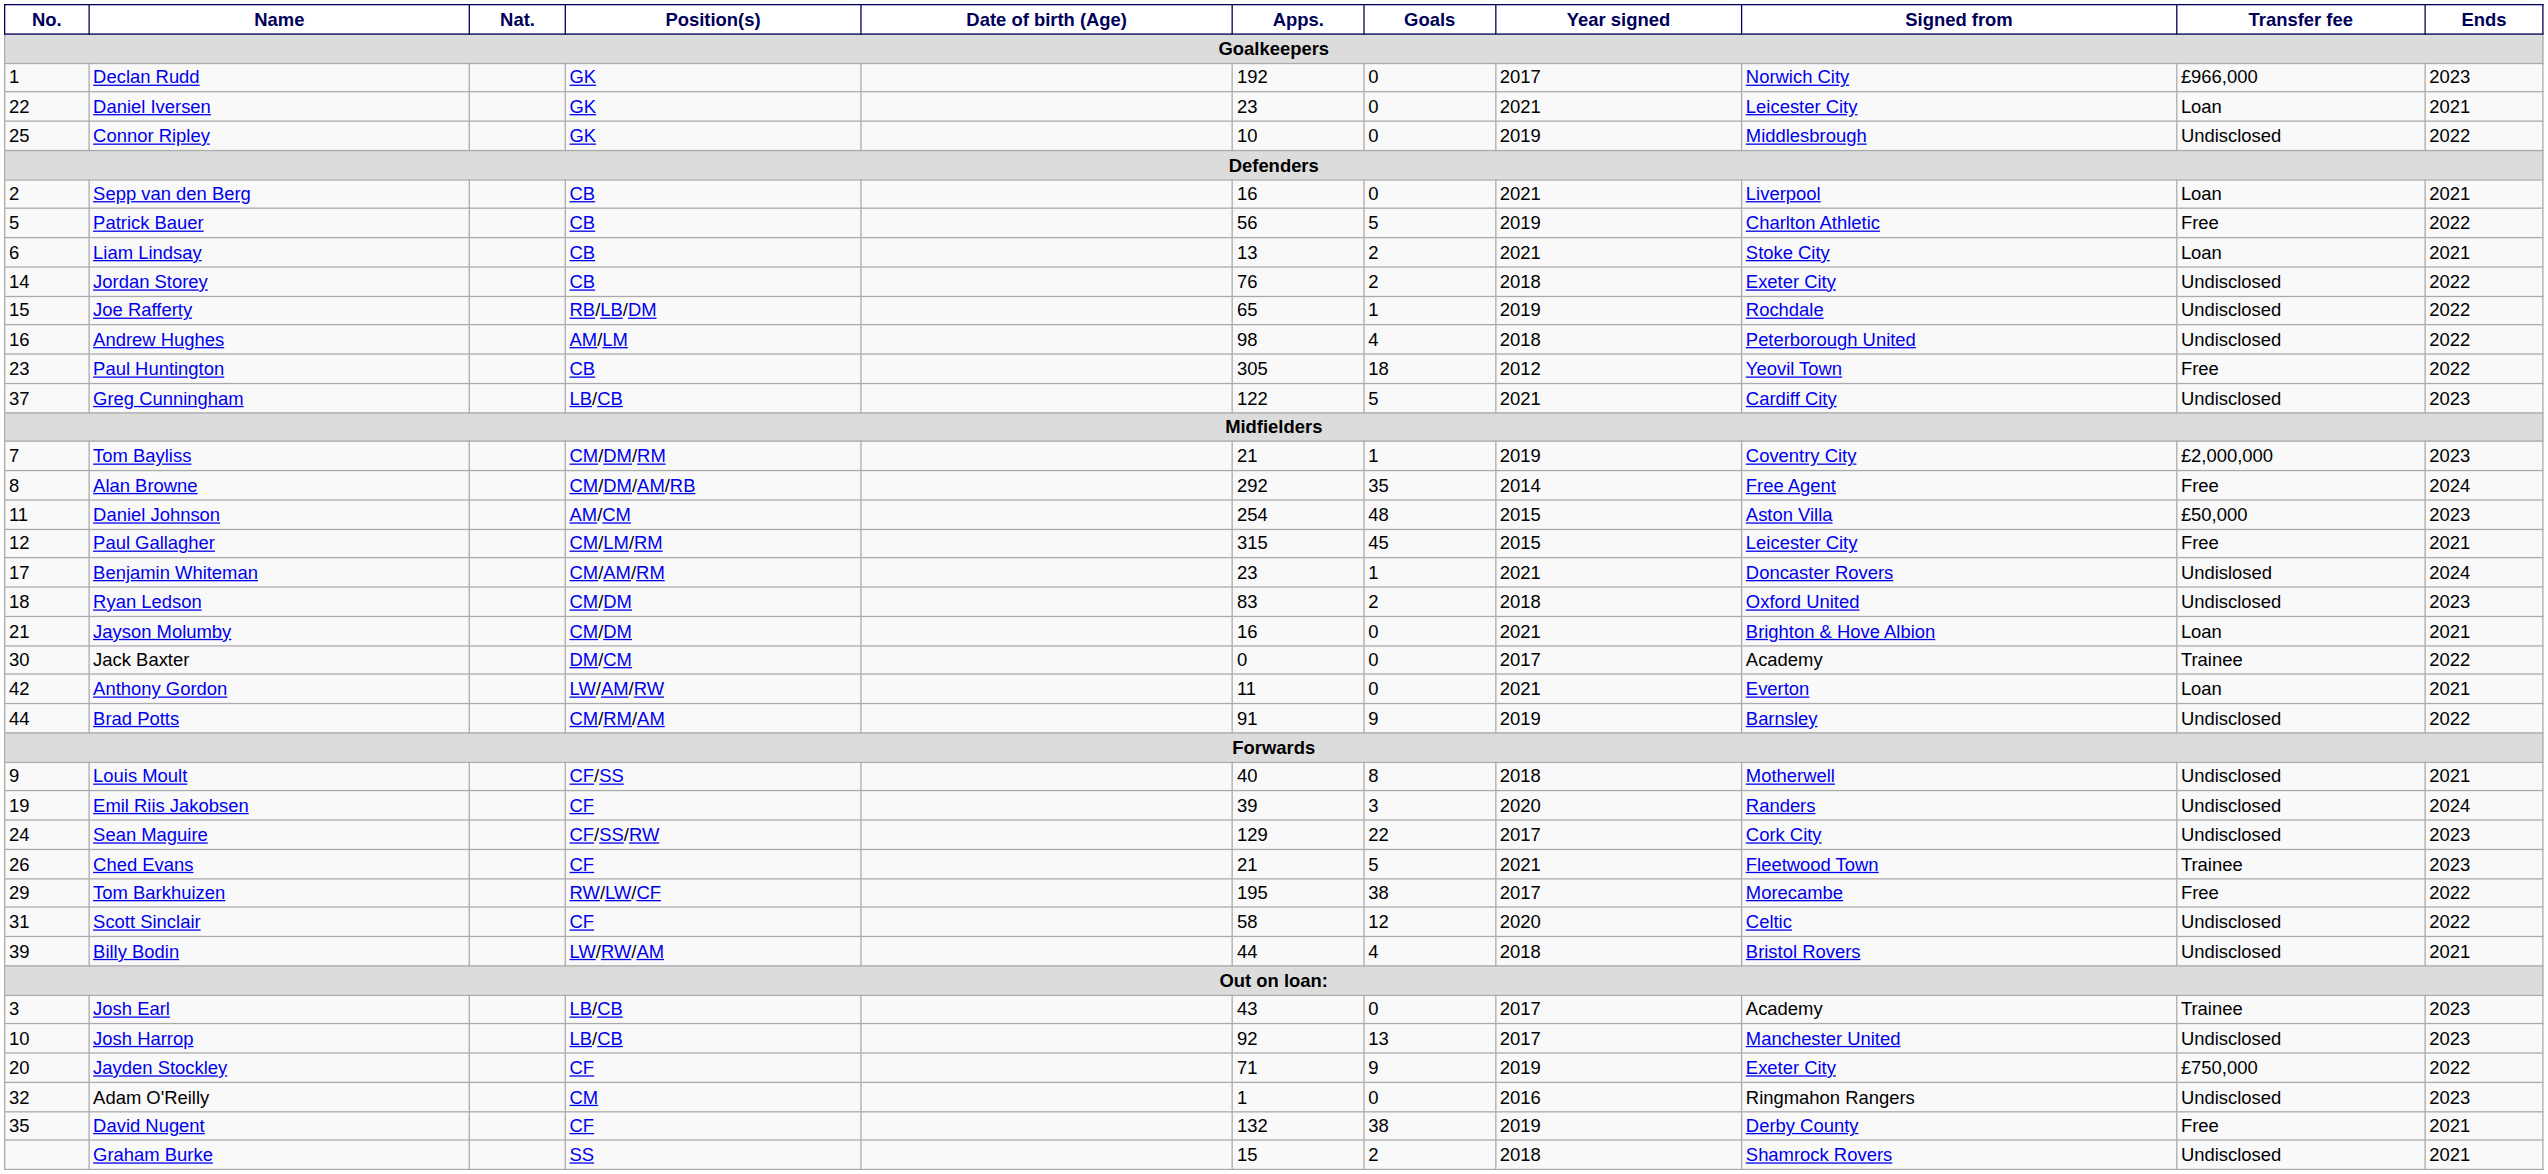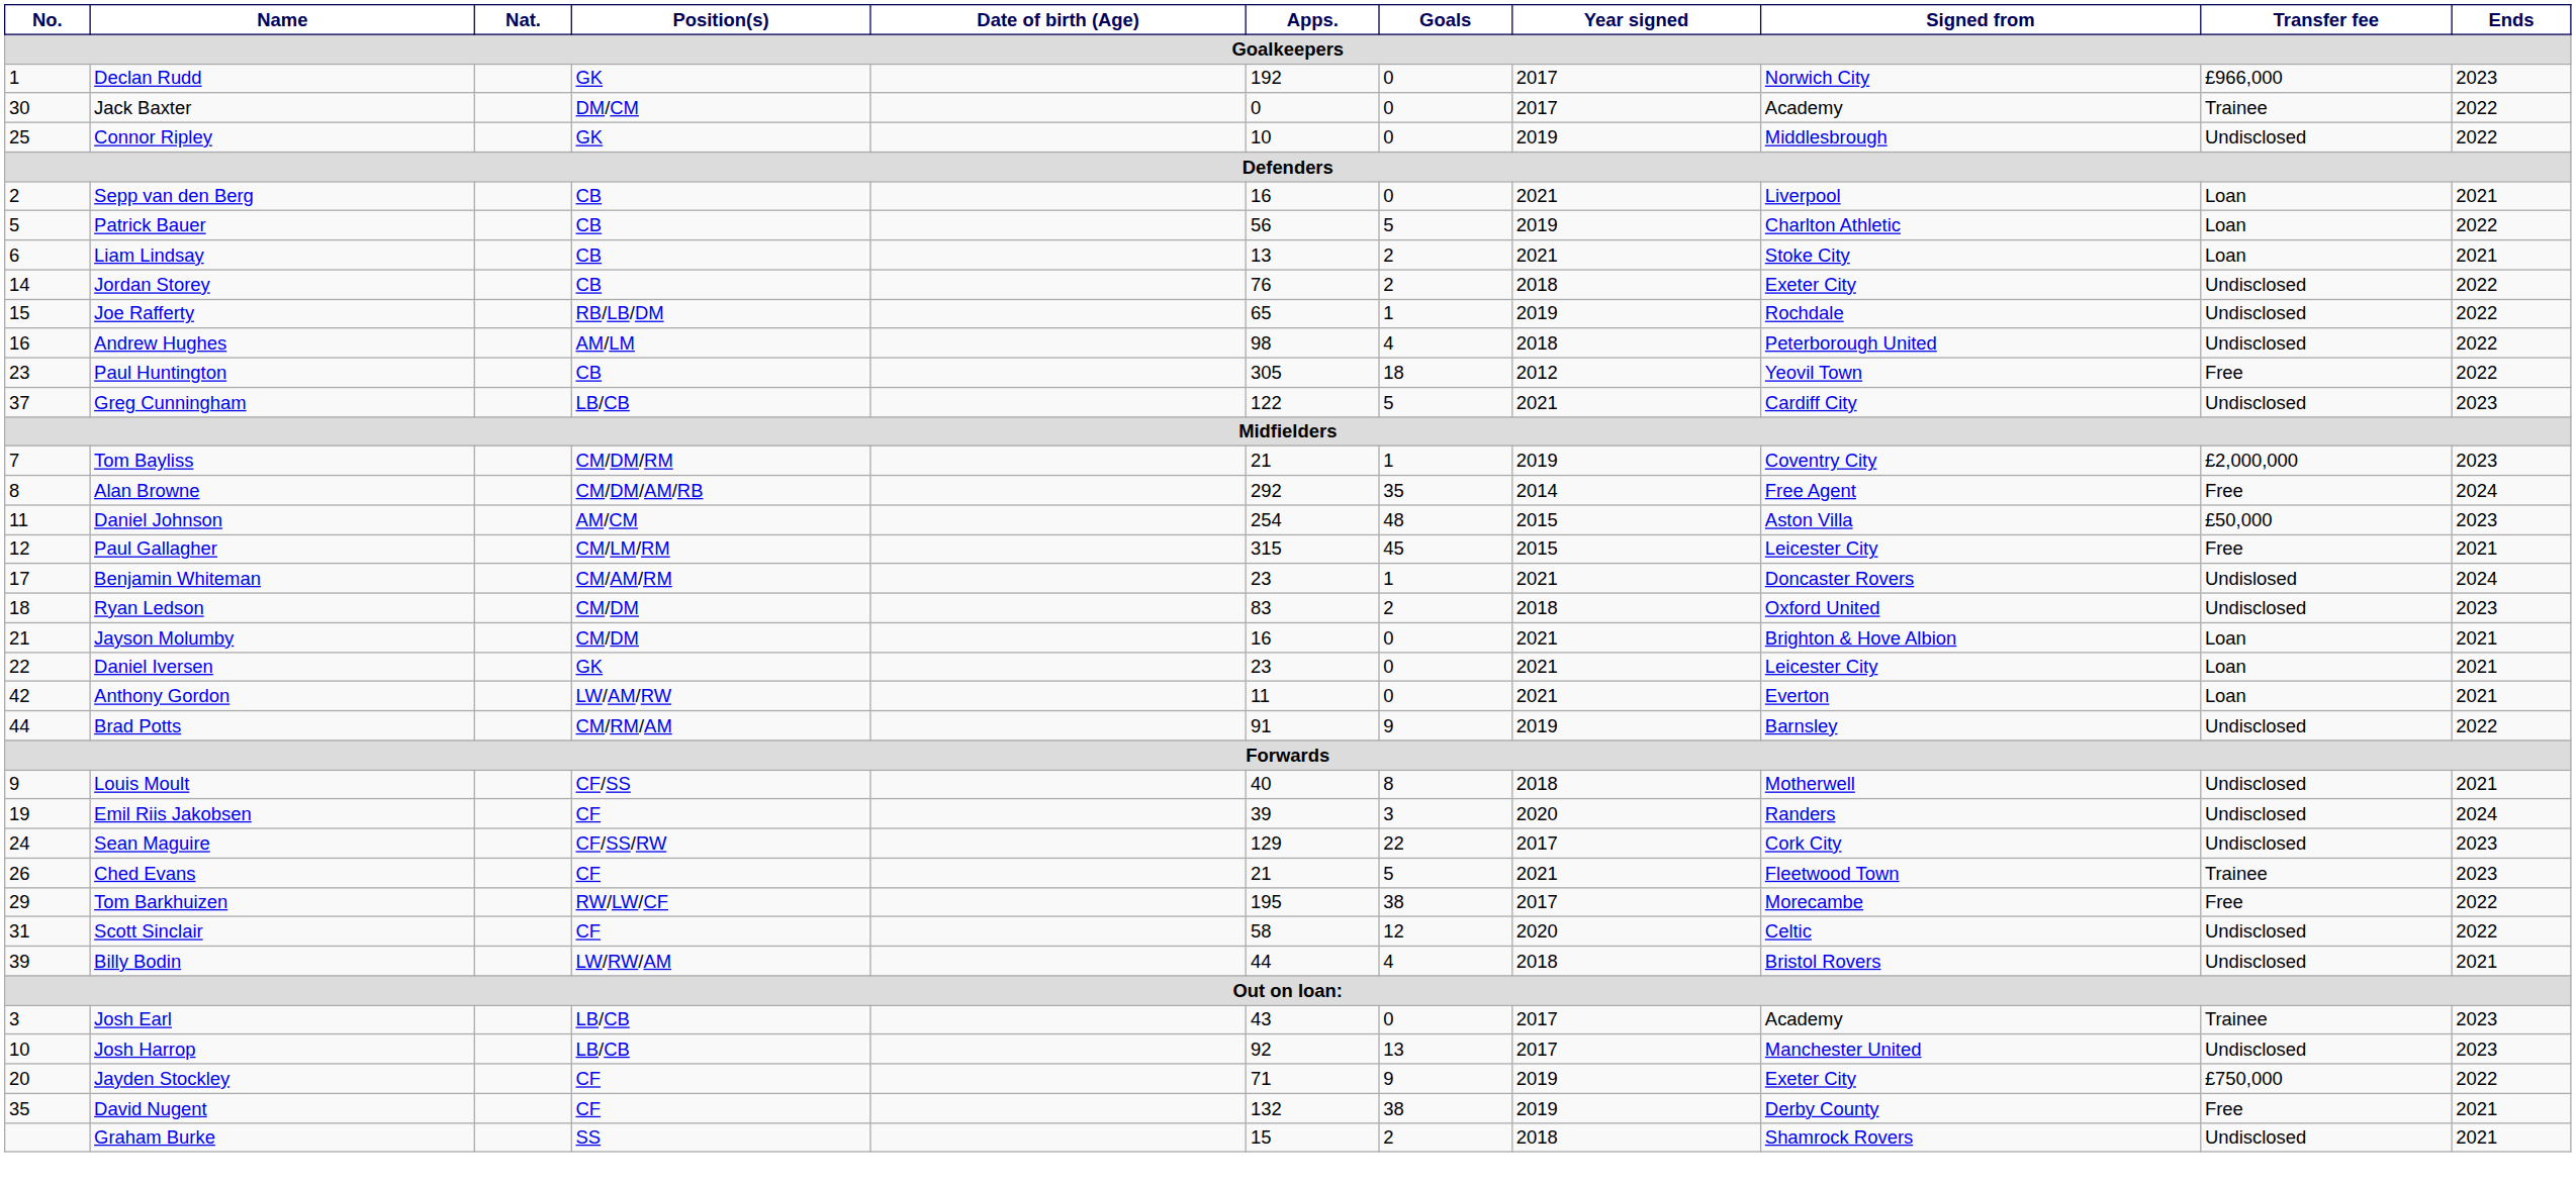 <table class="wikitable" style="font-size:90%;width:100%">
 <tr>
 <th style="background:#ffffff;color:#00005a;border:1px solid #000056">No.</th>
 <th style="background:#ffffff;color:#00005a;border:1px solid #000056">Name</th>
 <th style="background:#ffffff;color:#00005a;border:1px solid #000056">Nat.</th>
 <th style="background:#ffffff;color:#00005a;border:1px solid #000056">Position(s)</th>
 <th style="background:#ffffff;color:#00005a;border:1px solid #000056">Date of birth (Age)</th>
 <th style="background:#ffffff;color:#00005a;border:1px solid #000056">Apps.</th>
 <th style="background:#ffffff;color:#00005a;border:1px solid #000056">Goals</th>
 <th style="background:#ffffff;color:#00005a;border:1px solid #000056">Year signed</th>
 <th style="background:#ffffff;color:#00005a;border:1px solid #000056">Signed from</th>
 <th style="background:#ffffff;color:#00005a;border:1px solid #000056">Transfer fee</th>
 <th style="background:#ffffff;color:#00005a;border:1px solid #000056">Ends</th>
 </tr>
 <tr>
 <th colspan=11 style="background:#dcdcdc">Goalkeepers</th>
 </tr>
 <tr>
 <td>1</td>
 <td><a href='#'>Declan Rudd</a></td>
 <td></td>
 <td><a href='#'>GK</a></td>
 <td></td>
 <td>192</td>
 <td>0</td>
 <td>2017</td>
 <td> <a href='#'>Norwich City</a></td>
 <td>£966,000</td>
 <td>2023</td>
 </tr>
 <tr>
-<td>22</td>
-<td><a href='#'>Daniel Iversen</a></td>
+<td>30</td>
+<td>Jack Baxter</td>
 <td></td>
-<td><a href='#'>GK</a></td>
+<td><a href='#'>DM</a>/<a href='#'>CM</a></td>
 <td></td>
-<td>23</td>
 <td>0</td>
-<td>2021</td>
-<td> <a href='#'>Leicester City</a></td>
-<td>Loan</td>
-<td>2021</td>
+<td>0</td>
+<td>2017</td>
+<td>Academy</td>
+<td>Trainee</td>
+<td>2022</td>
 </tr>
 <tr>
 <td>25</td>
 <td><a href='#'>Connor Ripley</a></td>
 <td></td>
 <td><a href='#'>GK</a></td>
 <td></td>
 <td>10</td>
 <td>0</td>
 <td>2019</td>
 <td> <a href='#'>Middlesbrough</a></td>
 <td>Undisclosed</td>
 <td>2022</td>
 </tr>
 <tr>
 <th colspan=11 style="background:#dcdcdc">Defenders</th>
 </tr>
 <tr>
 <td>2</td>
 <td><a href='#'>Sepp van den Berg</a></td>
 <td></td>
 <td><a href='#'>CB</a></td>
 <td></td>
 <td>16</td>
 <td>0</td>
 <td>2021</td>
 <td> <a href='#'>Liverpool</a></td>
 <td>Loan</td>
 <td>2021</td>
 </tr>
 <tr>
 <td>5</td>
 <td><a href='#'>Patrick Bauer</a></td>
 <td></td>
 <td><a href='#'>CB</a></td>
 <td></td>
 <td>56</td>
 <td>5</td>
 <td>2019</td>
 <td> <a href='#'>Charlton Athletic</a></td>
-<td>Free</td>
+<td>Loan</td>
 <td>2022</td>
 </tr>
 <tr>
 <td>6</td>
 <td><a href='#'>Liam Lindsay</a></td>
 <td></td>
 <td><a href='#'>CB</a></td>
 <td></td>
 <td>13</td>
 <td>2</td>
 <td>2021</td>
 <td> <a href='#'>Stoke City</a></td>
 <td>Loan</td>
 <td>2021</td>
 </tr>
 <tr>
 <td>14</td>
 <td><a href='#'>Jordan Storey</a></td>
 <td></td>
 <td><a href='#'>CB</a></td>
 <td></td>
 <td>76</td>
 <td>2</td>
 <td>2018</td>
 <td> <a href='#'>Exeter City</a></td>
 <td>Undisclosed</td>
 <td>2022</td>
 </tr>
 <tr>
 <td>15</td>
 <td><a href='#'>Joe Rafferty</a></td>
 <td></td>
 <td><a href='#'>RB</a>/<a href='#'>LB</a>/<a href='#'>DM</a></td>
 <td></td>
 <td>65</td>
 <td>1</td>
 <td>2019</td>
 <td> <a href='#'>Rochdale</a></td>
 <td>Undisclosed</td>
 <td>2022</td>
 </tr>
 <tr>
 <td>16</td>
 <td><a href='#'>Andrew Hughes</a></td>
 <td></td>
 <td><a href='#'>AM</a>/<a href='#'>LM</a></td>
 <td></td>
 <td>98</td>
 <td>4</td>
 <td>2018</td>
 <td> <a href='#'>Peterborough United</a></td>
 <td>Undisclosed</td>
 <td>2022</td>
 </tr>
 <tr>
 <td>23</td>
 <td><a href='#'>Paul Huntington</a></td>
 <td></td>
 <td><a href='#'>CB</a></td>
 <td></td>
 <td>305</td>
 <td>18</td>
 <td>2012</td>
 <td> <a href='#'>Yeovil Town</a></td>
 <td>Free</td>
 <td>2022</td>
 </tr>
 <tr>
 <td>37</td>
 <td><a href='#'>Greg Cunningham</a></td>
 <td></td>
 <td><a href='#'>LB</a>/<a href='#'>CB</a></td>
 <td></td>
 <td>122</td>
 <td>5</td>
 <td>2021</td>
 <td> <a href='#'>Cardiff City</a></td>
 <td>Undisclosed</td>
 <td>2023</td>
 </tr>
 <tr>
 <th colspan=11 style="background:#dcdcdc">Midfielders</th>
 </tr>
 <tr>
 <td>7</td>
 <td><a href='#'>Tom Bayliss</a></td>
 <td></td>
 <td><a href='#'>CM</a>/<a href='#'>DM</a>/<a href='#'>RM</a></td>
 <td></td>
 <td>21</td>
 <td>1</td>
 <td>2019</td>
 <td> <a href='#'>Coventry City</a></td>
 <td>£2,000,000</td>
 <td>2023</td>
 </tr>
 <tr>
 <td>8</td>
 <td><a href='#'>Alan Browne</a></td>
 <td></td>
 <td><a href='#'>CM</a>/<a href='#'>DM</a>/<a href='#'>AM</a>/<a href='#'>RB</a></td>
 <td></td>
 <td>292</td>
 <td>35</td>
 <td>2014</td>
 <td><a href='#'>Free Agent</a></td>
 <td>Free</td>
 <td>2024</td>
 </tr>
 <tr>
 <td>11</td>
 <td><a href='#'>Daniel Johnson</a></td>
 <td></td>
 <td><a href='#'>AM</a>/<a href='#'>CM</a></td>
 <td></td>
 <td>254</td>
 <td>48</td>
 <td>2015</td>
 <td> <a href='#'>Aston Villa</a></td>
 <td>£50,000</td>
 <td>2023</td>
 </tr>
 <tr>
 <td>12</td>
 <td><a href='#'>Paul Gallagher</a></td>
 <td></td>
 <td><a href='#'>CM</a>/<a href='#'>LM</a>/<a href='#'>RM</a></td>
 <td></td>
 <td>315</td>
 <td>45</td>
 <td>2015</td>
 <td> <a href='#'>Leicester City</a></td>
 <td>Free</td>
 <td>2021</td>
 </tr>
 <tr>
 <td>17</td>
 <td><a href='#'>Benjamin Whiteman</a></td>
 <td></td>
 <td><a href='#'>CM</a>/<a href='#'>AM</a>/<a href='#'>RM</a></td>
 <td></td>
 <td>23</td>
 <td>1</td>
 <td>2021</td>
 <td> <a href='#'>Doncaster Rovers</a></td>
 <td>Undislosed</td>
 <td>2024</td>
 </tr>
 <tr>
 <td>18</td>
 <td><a href='#'>Ryan Ledson</a></td>
 <td></td>
 <td><a href='#'>CM</a>/<a href='#'>DM</a></td>
 <td></td>
 <td>83</td>
 <td>2</td>
 <td>2018</td>
 <td> <a href='#'>Oxford United</a></td>
 <td>Undisclosed</td>
 <td>2023</td>
 </tr>
 <tr>
 <td>21</td>
 <td><a href='#'>Jayson Molumby</a></td>
 <td></td>
 <td><a href='#'>CM</a>/<a href='#'>DM</a></td>
 <td></td>
 <td>16</td>
 <td>0</td>
 <td>2021</td>
 <td> <a href='#'>Brighton & Hove Albion</a></td>
 <td>Loan</td>
 <td>2021</td>
 </tr>
 <tr>
-<td>30</td>
-<td>Jack Baxter</td>
+<td>22</td>
+<td><a href='#'>Daniel Iversen</a></td>
 <td></td>
-<td><a href='#'>DM</a>/<a href='#'>CM</a></td>
+<td><a href='#'>GK</a></td>
 <td></td>
+<td>23</td>
 <td>0</td>
-<td>0</td>
-<td>2017</td>
-<td>Academy</td>
-<td>Trainee</td>
-<td>2022</td>
+<td>2021</td>
+<td> <a href='#'>Leicester City</a></td>
+<td>Loan</td>
+<td>2021</td>
 </tr>
 <tr>
 <td>42</td>
 <td><a href='#'>Anthony Gordon</a></td>
 <td></td>
 <td><a href='#'>LW</a>/<a href='#'>AM</a>/<a href='#'>RW</a></td>
 <td></td>
 <td>11</td>
 <td>0</td>
 <td>2021</td>
 <td> <a href='#'>Everton</a></td>
 <td>Loan</td>
 <td>2021</td>
 </tr>
 <tr>
 <td>44</td>
 <td><a href='#'>Brad Potts</a></td>
 <td></td>
 <td><a href='#'>CM</a>/<a href='#'>RM</a>/<a href='#'>AM</a></td>
 <td></td>
 <td>91</td>
 <td>9</td>
 <td>2019</td>
 <td> <a href='#'>Barnsley</a></td>
 <td>Undisclosed</td>
 <td>2022</td>
 </tr>
 <tr>
 <th colspan=11 style="background:#dcdcdc">Forwards</th>
 </tr>
 <tr>
 <td>9</td>
 <td><a href='#'>Louis Moult</a></td>
 <td></td>
 <td><a href='#'>CF</a>/<a href='#'>SS</a></td>
 <td></td>
 <td>40</td>
 <td>8</td>
 <td>2018</td>
 <td> <a href='#'>Motherwell</a></td>
 <td>Undisclosed</td>
 <td>2021</td>
 </tr>
 <tr>
 <td>19</td>
 <td><a href='#'>Emil Riis Jakobsen</a></td>
 <td></td>
 <td><a href='#'>CF</a></td>
 <td></td>
 <td>39</td>
 <td>3</td>
 <td>2020</td>
 <td> <a href='#'>Randers</a></td>
 <td>Undisclosed</td>
 <td>2024</td>
 </tr>
 <tr>
 <td>24</td>
 <td><a href='#'>Sean Maguire</a></td>
 <td></td>
 <td><a href='#'>CF</a>/<a href='#'>SS</a>/<a href='#'>RW</a></td>
 <td></td>
 <td>129</td>
 <td>22</td>
 <td>2017</td>
 <td> <a href='#'>Cork City</a></td>
 <td>Undisclosed</td>
 <td>2023</td>
 </tr>
 <tr>
 <td>26</td>
 <td><a href='#'>Ched Evans</a></td>
 <td></td>
 <td><a href='#'>CF</a></td>
 <td></td>
 <td>21</td>
 <td>5</td>
 <td>2021</td>
 <td> <a href='#'>Fleetwood Town</a></td>
 <td>Trainee</td>
 <td>2023</td>
 </tr>
 <tr>
 <td>29</td>
 <td><a href='#'>Tom Barkhuizen</a></td>
 <td></td>
 <td><a href='#'>RW</a>/<a href='#'>LW</a>/<a href='#'>CF</a></td>
 <td></td>
 <td>195</td>
 <td>38</td>
 <td>2017</td>
 <td> <a href='#'>Morecambe</a></td>
 <td>Free</td>
 <td>2022</td>
 </tr>
 <tr>
 <td>31</td>
 <td><a href='#'>Scott Sinclair</a></td>
 <td></td>
 <td><a href='#'>CF</a></td>
 <td></td>
 <td>58</td>
 <td>12</td>
 <td>2020</td>
 <td> <a href='#'>Celtic</a></td>
 <td>Undisclosed</td>
 <td>2022</td>
 </tr>
 <tr>
 <td>39</td>
 <td><a href='#'>Billy Bodin</a></td>
 <td></td>
 <td><a href='#'>LW</a>/<a href='#'>RW</a>/<a href='#'>AM</a></td>
 <td></td>
 <td>44</td>
 <td>4</td>
 <td>2018</td>
 <td> <a href='#'>Bristol Rovers</a></td>
 <td>Undisclosed</td>
 <td>2021</td>
 </tr>
 <tr>
 <th colspan=11 style="background:#dcdcdc">Out on loan:</th>
 </tr>
 <tr>
 <td>3</td>
 <td><a href='#'>Josh Earl</a></td>
 <td></td>
 <td><a href='#'>LB</a>/<a href='#'>CB</a></td>
 <td></td>
 <td>43</td>
 <td>0</td>
 <td>2017</td>
 <td>Academy</td>
 <td>Trainee</td>
 <td>2023</td>
 </tr>
 <tr>
 <td>10</td>
 <td><a href='#'>Josh Harrop</a></td>
 <td></td>
 <td><a href='#'>LB</a>/<a href='#'>CB</a></td>
 <td></td>
 <td>92</td>
 <td>13</td>
 <td>2017</td>
 <td> <a href='#'>Manchester United</a></td>
 <td>Undisclosed</td>
 <td>2023</td>
 </tr>
 <tr>
 <td>20</td>
 <td><a href='#'>Jayden Stockley</a></td>
 <td></td>
 <td><a href='#'>CF</a></td>
 <td></td>
 <td>71</td>
 <td>9</td>
 <td>2019</td>
 <td> <a href='#'>Exeter City</a></td>
 <td>£750,000</td>
 <td>2022</td>
 </tr>
 <tr>
-<td>32</td>
-<td>Adam O'Reilly</td>
-<td></td>
-<td><a href='#'>CM</a></td>
-<td></td>
-<td>1</td>
-<td>0</td>
-<td>2016</td>
-<td> Ringmahon Rangers</td>
-<td>Undisclosed</td>
-<td>2023</td>
-</tr>
-<tr>
 <td>35</td>
 <td><a href='#'>David Nugent</a></td>
 <td></td>
 <td><a href='#'>CF</a></td>
 <td></td>
 <td>132</td>
 <td>38</td>
 <td>2019</td>
 <td> <a href='#'>Derby County</a></td>
 <td>Free</td>
 <td>2021</td>
 </tr>
 <tr>
 <td></td>
 <td><a href='#'>Graham Burke</a></td>
 <td></td>
 <td><a href='#'>SS</a></td>
 <td></td>
 <td>15</td>
 <td>2</td>
 <td>2018</td>
 <td> <a href='#'>Shamrock Rovers</a></td>
 <td>Undisclosed</td>
 <td>2021</td>
 </tr>
 </table>
